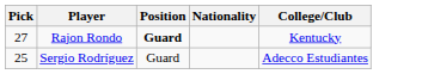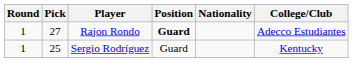 <table class="wikitable sortable sortable">
 <tr>
+<th>Round</th>
 <th>Pick</th>
 <th>Player</th>
 <th>Position</th>
 <th>Nationality</th>
 <th>College/Club</th>
 </tr>
 <tr style="text-align: center">
+<td>1</td>
 <td>27</td>
 <td><a href='#'>Rajon Rondo</a></td>
 <td><strong>Guard</strong></td>
 <td></td>
-<td><a href='#'>Kentucky</a></td>
+<td> <a href='#'>Adecco Estudiantes</a></td>
 </tr>
 <tr style="text-align: center">
+<td>1</td>
 <td>25</td>
 <td><a href='#'>Sergio Rodríguez</a></td>
 <td>Guard</td>
 <td></td>
-<td> <a href='#'>Adecco Estudiantes</a></td>
+<td><a href='#'>Kentucky</a></td>
 </tr>
 </table>
